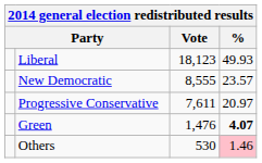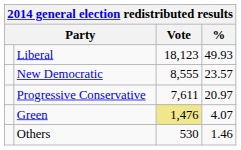 <table class="wikitable">
 <tr>
 <th colspan="4"><a href='#'>2014 general election</a> redistributed results</th>
 </tr>
 <tr>
 <th bgcolor="#DDDDFF" width="130px" colspan="2">Party</th>
 <th bgcolor="#DDDDFF" width="50px">Vote</th>
 <th bgcolor="#DDDDFF" width="30px">%</th>
 </tr>
 <tr>
 <td> </td>
 <td><a href='#'>Liberal</a></td>
 <td align=right>18,123</td>
 <td align=right>49.93</td>
 </tr>
 <tr>
 <td> </td>
 <td><a href='#'>New Democratic</a></td>
 <td align=right>8,555</td>
 <td align=right>23.57</td>
 </tr>
 <tr>
 <td> </td>
 <td><a href='#'>Progressive Conservative</a></td>
 <td align=right>7,611</td>
 <td align=right>20.97</td>
 </tr>
 <tr>
 <td> </td>
 <td><a href='#'>Green</a></td>
-<td align=right>1,476</td>
-<td align=right><strong>4.07</strong></td>
+<td align=right style="background: khaki;">1,476</td>
+<td align=right>4.07</td>
 </tr>
 <tr>
 <td> </td>
 <td>Others</td>
 <td align=right>530</td>
-<td align=right style="background: pink;">1.46</td>
+<td align=right>1.46</td>
 </tr>
 </table>
